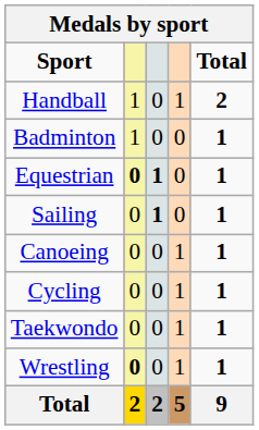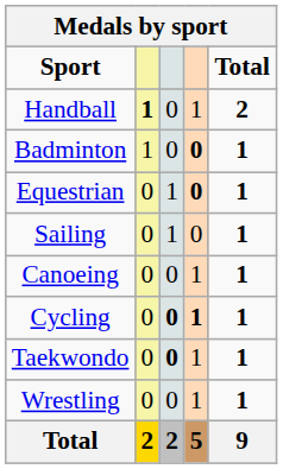 <table class="wikitable" style=font-size:85%;float:center;text-align:center>
 <tr style="background:#efefef;">
 <th colspan=5><strong>Medals by sport</strong></th>
 </tr>
 <tr align=center>
 <td><strong>Sport</strong></td>
 <td bgcolor=#f7f6a8></td>
 <td bgcolor=#dce5e5></td>
 <td bgcolor=#ffdab9></td>
 <td><strong>Total</strong></td>
 </tr>
 <tr align=center>
 <td><a href='#'>Handball</a></td>
-<td style="background:#F7F6A8;">1</td>
+<td style="background:#F7F6A8;"><strong>1</strong></td>
 <td style="background:#DCE5E5;">0</td>
 <td style="background:#FFDAB9;">1</td>
 <td><strong>2</strong></td>
 </tr>
 <tr align=center>
 <td><a href='#'>Badminton</a></td>
 <td style="background:#F7F6A8;">1</td>
 <td style="background:#DCE5E5;">0</td>
-<td style="background:#FFDAB9;">0</td>
+<td style="background:#FFDAB9;"><strong>0</strong></td>
 <td><strong>1</strong></td>
 </tr>
 <tr align=center>
 <td><a href='#'>Equestrian</a></td>
-<td style="background:#F7F6A8;"><strong>0</strong></td>
-<td style="background:#DCE5E5;"><strong>1</strong></td>
-<td style="background:#FFDAB9;">0</td>
+<td style="background:#F7F6A8;">0</td>
+<td style="background:#DCE5E5;">1</td>
+<td style="background:#FFDAB9;"><strong>0</strong></td>
 <td><strong>1</strong></td>
 </tr>
 <tr align=center>
 <td><a href='#'>Sailing</a></td>
 <td style="background:#F7F6A8;">0</td>
-<td style="background:#DCE5E5;"><strong>1</strong></td>
+<td style="background:#DCE5E5;">1</td>
 <td style="background:#FFDAB9;">0</td>
 <td><strong>1</strong></td>
 </tr>
 <tr align=center>
 <td><a href='#'>Canoeing</a></td>
 <td style="background:#F7F6A8;">0</td>
 <td style="background:#DCE5E5;">0</td>
 <td style="background:#FFDAB9;">1</td>
 <td><strong>1</strong></td>
 </tr>
 <tr align=center>
 <td><a href='#'>Cycling</a></td>
 <td style="background:#F7F6A8;">0</td>
-<td style="background:#DCE5E5;">0</td>
-<td style="background:#FFDAB9;">1</td>
+<td style="background:#DCE5E5;"><strong>0</strong></td>
+<td style="background:#FFDAB9;"><strong>1</strong></td>
 <td><strong>1</strong></td>
 </tr>
 <tr align=center>
 <td><a href='#'>Taekwondo</a></td>
 <td style="background:#F7F6A8;">0</td>
-<td style="background:#DCE5E5;">0</td>
+<td style="background:#DCE5E5;"><strong>0</strong></td>
 <td style="background:#FFDAB9;">1</td>
 <td><strong>1</strong></td>
 </tr>
 <tr align=center>
 <td><a href='#'>Wrestling</a></td>
-<td style="background:#F7F6A8;"><strong>0</strong></td>
+<td style="background:#F7F6A8;">0</td>
 <td style="background:#DCE5E5;">0</td>
 <td style="background:#FFDAB9;">1</td>
 <td><strong>1</strong></td>
 </tr>
 <tr align=center>
 <th><strong>Total</strong></th>
 <th style="background:gold;"><strong>2</strong></th>
 <th style="background:silver;"><strong>2</strong></th>
 <th style="background:#c96;"><strong>5</strong></th>
 <th><strong>9</strong></th>
 </tr>
 </table>
